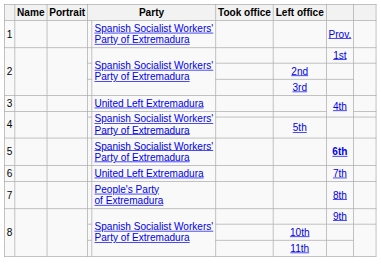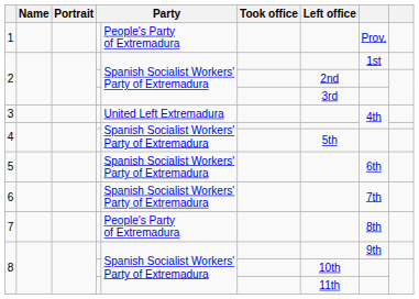 <table class="wikitable plainrowheaders sortable" style="font-size:90%; text-align:left;">
 <tr>
 <th scope=col></th>
 <th scope=col>Name</th>
 <th scope=col class=unsortable>Portrait</th>
 <th scope=col colspan="2">Party</th>
 <th scope=col>Took office</th>
 <th scope=col>Left office</th>
 <th scope=col></th>
 <th scope=col width=25px class=unsortable></th>
 </tr>
 <tr>
 <td>1</td>
 <td style="white-space: nowrap;"></td>
 <td align=center></td>
 <td !align="center" style="background:"></td>
-<td><a href='#'>Spanish Socialist Workers'<br>Party of Extremadura</a></td>
+<td><a href='#'>People's Party<br>of Extremadura</a></td>
 <td align=center></td>
 <td align=center></td>
 <td align=center><a href='#'>Prov.</a></td>
 <td align=center></td>
 </tr>
 <tr>
 <td rowspan=3>2</td>
 <td style="white-space: nowrap;" rowspan=3></td>
 <td align=center rowspan=3></td>
 <td !align="center" style="background:"></td>
 <td rowspan=3><a href='#'>Spanish Socialist Workers'<br>Party of Extremadura</a></td>
 <td align=center></td>
 <td align=center></td>
 <td align=center><a href='#'>1st</a></td>
 <td align=center></td>
 </tr>
 <tr>
 <td align=center></td>
 <td align=center></td>
 <td align=center><a href='#'>2nd</a></td>
 <td align=center></td>
 </tr>
 <tr>
 <td align=center></td>
 <td align=center></td>
 <td align=center><a href='#'>3rd</a></td>
 <td align=center></td>
 </tr>
 <tr>
 <td>3</td>
 <td style="white-space: nowrap;"></td>
 <td align=center></td>
 <td !align="center" style="background:"></td>
 <td><a href='#'>United Left Extremadura</a></td>
 <td align=center></td>
 <td align=center></td>
 <td align=center rowspan=2><a href='#'>4th</a></td>
 <td align=center></td>
 </tr>
 <tr>
 <td rowspan=2>4</td>
 <td style="white-space: nowrap;" rowspan=2></td>
 <td align=center rowspan=2></td>
 <td !align="center" style="background:"></td>
 <td rowspan=2><a href='#'>Spanish Socialist Workers'<br>Party of Extremadura</a></td>
 <td align=center></td>
 <td align=center></td>
 <td align=center></td>
 </tr>
 <tr>
 <td align=center></td>
 <td align=center></td>
 <td align=center><a href='#'>5th</a></td>
 <td align=center></td>
 </tr>
 <tr>
 <td>5</td>
 <td style="white-space: nowrap;"></td>
 <td align=center></td>
 <td !align="center" style="background:"></td>
 <td><a href='#'>Spanish Socialist Workers'<br>Party of Extremadura</a></td>
 <td align=center></td>
 <td align=center></td>
-<td align=center><strong><a href='#'>6th</a></strong></td>
+<td align=center><a href='#'>6th</a></td>
 <td align=center></td>
 </tr>
 <tr>
 <td>6</td>
 <td style="white-space: nowrap;"></td>
 <td align=center></td>
 <td !align="center" style="background:"></td>
-<td><a href='#'>United Left Extremadura</a></td>
+<td><a href='#'>Spanish Socialist Workers'<br>Party of Extremadura</a></td>
 <td align=center></td>
 <td align=center></td>
 <td align=center><a href='#'>7th</a></td>
 <td align=center></td>
 </tr>
 <tr>
 <td>7</td>
 <td style="white-space: nowrap;"></td>
 <td align=center></td>
 <td !align="center" style="background:"></td>
 <td><a href='#'>People's Party<br>of Extremadura</a></td>
 <td align=center></td>
 <td align=center></td>
 <td align=center><a href='#'>8th</a></td>
 <td align=center></td>
 </tr>
 <tr>
 <td rowspan="3">8</td>
 <td rowspan="3" style="white-space: nowrap;"></td>
 <td rowspan="3" align="center"></td>
 <td style="background:"></td>
 <td rowspan="3"><a href='#'>Spanish Socialist Workers'<br>Party of Extremadura</a></td>
 <td align=center></td>
 <td align=center></td>
 <td align=center><a href='#'>9th</a></td>
 <td align=center></td>
 </tr>
 <tr>
 <td align=center></td>
 <td></td>
 <td align="center"><a href='#'>10th</a></td>
 <td align=center></td>
 </tr>
 <tr>
 <td align=center></td>
 <td></td>
 <td align=center><a href='#'>11th</a></td>
 <td></td>
 </tr>
 </table>
